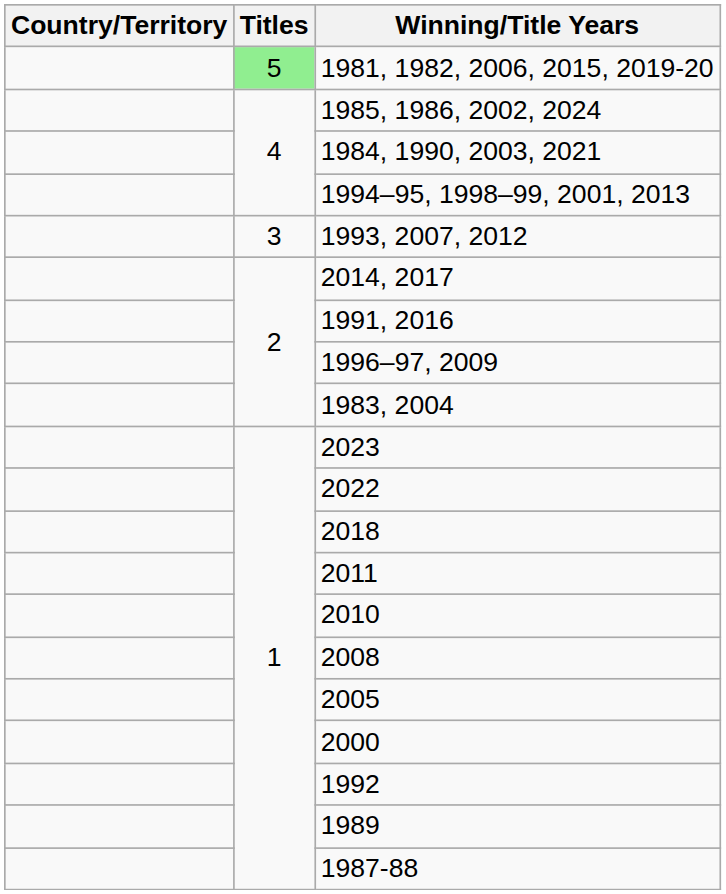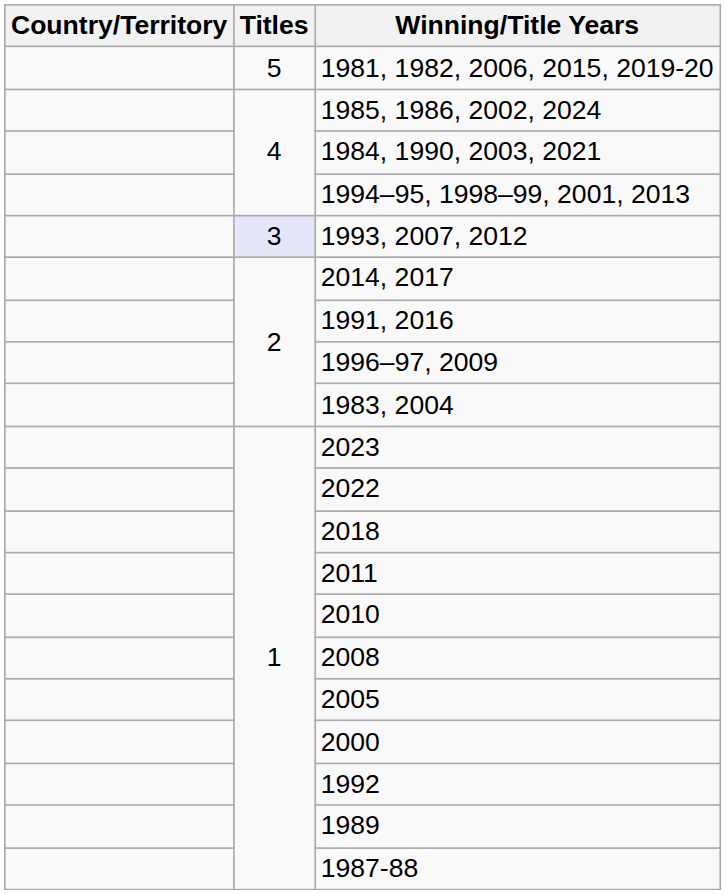 <table class="wikitable">
 <tr>
 <th>Country/Territory</th>
 <th>Titles</th>
 <th>Winning/Title Years</th>
 </tr>
 <tr>
 <td></td>
-<td rowspan="1" align="center" style="background: lightgreen;">5</td>
+<td rowspan="1" align="center">5</td>
 <td>1981, 1982, 2006, 2015, 2019-20</td>
 </tr>
 <tr>
 <td></td>
 <td rowspan="3" align="center">4</td>
 <td>1985, 1986, 2002, 2024</td>
 </tr>
 <tr>
 <td></td>
 <td>1984, 1990, 2003, 2021</td>
 </tr>
 <tr>
 <td></td>
 <td>1994–95, 1998–99, 2001, 2013</td>
 </tr>
 <tr>
 <td></td>
-<td align="center">3</td>
+<td align="center" style="background: lavender;">3</td>
 <td>1993, 2007, 2012</td>
 </tr>
 <tr>
 <td></td>
 <td rowspan="4" align="center">2</td>
 <td>2014, 2017</td>
 </tr>
 <tr>
 <td></td>
 <td>1991, 2016</td>
 </tr>
 <tr>
 <td></td>
 <td>1996–97, 2009</td>
 </tr>
 <tr>
 <td></td>
 <td>1983, 2004</td>
 </tr>
 <tr>
 <td></td>
 <td rowspan="11" align="center">1</td>
 <td>2023</td>
 </tr>
 <tr>
 <td></td>
 <td>2022</td>
 </tr>
 <tr>
 <td></td>
 <td>2018</td>
 </tr>
 <tr>
 <td></td>
 <td>2011</td>
 </tr>
 <tr>
 <td></td>
 <td>2010</td>
 </tr>
 <tr>
 <td></td>
 <td>2008</td>
 </tr>
 <tr>
 <td></td>
 <td>2005</td>
 </tr>
 <tr>
 <td></td>
 <td>2000</td>
 </tr>
 <tr>
 <td></td>
 <td>1992</td>
 </tr>
 <tr>
 <td></td>
 <td>1989</td>
 </tr>
 <tr>
 <td></td>
 <td>1987-88</td>
 </tr>
 </table>
